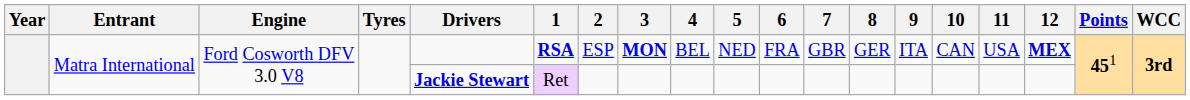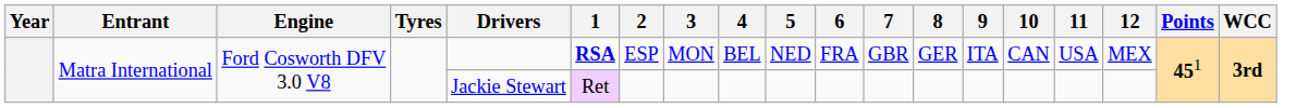 <table class="wikitable" style="text-align:center; font-size:95%">
 <tr>
 <th>Year</th>
 <th>Entrant</th>
 <th>Engine</th>
 <th>Tyres</th>
 <th>Drivers</th>
 <th>1</th>
 <th>2</th>
 <th>3</th>
 <th>4</th>
 <th>5</th>
 <th>6</th>
 <th>7</th>
 <th>8</th>
 <th>9</th>
 <th>10</th>
 <th>11</th>
 <th>12</th>
 <th><a href='#'>Points</a></th>
 <th>WCC</th>
 </tr>
 <tr>
 <th rowspan=2></th>
 <td rowspan=2><a href='#'>Matra International</a></td>
 <td rowspan=2><a href='#'>Ford</a> <a href='#'>Cosworth DFV</a> <br>3.0 <a href='#'>V8</a></td>
 <td rowspan=2></td>
 <td></td>
 <td><strong><a href='#'>RSA</a></strong></td>
 <td><a href='#'>ESP</a></td>
-<td><strong><a href='#'>MON</a></strong></td>
+<td><a href='#'>MON</a></td>
 <td><a href='#'>BEL</a></td>
 <td><a href='#'>NED</a></td>
 <td><a href='#'>FRA</a></td>
 <td><a href='#'>GBR</a></td>
 <td><a href='#'>GER</a></td>
 <td><a href='#'>ITA</a></td>
 <td><a href='#'>CAN</a></td>
 <td><a href='#'>USA</a></td>
-<td><strong><a href='#'>MEX</a></strong></td>
+<td><a href='#'>MEX</a></td>
 <td rowspan="2" style="background:#ffdf9f;"><strong>45</strong><sup>1</sup></td>
 <td rowspan="2" style="background:#ffdf9f;"><strong>3rd</strong></td>
 </tr>
 <tr>
-<td><strong><a href='#'>Jackie Stewart</a></strong></td>
+<td><a href='#'>Jackie Stewart</a></td>
 <td style="background:#efcfff;">Ret</td>
 <td></td>
 <td></td>
 <td></td>
 <td></td>
 <td></td>
 <td></td>
 <td></td>
 <td></td>
 <td></td>
 <td></td>
 <td></td>
 </tr>
 </table>
